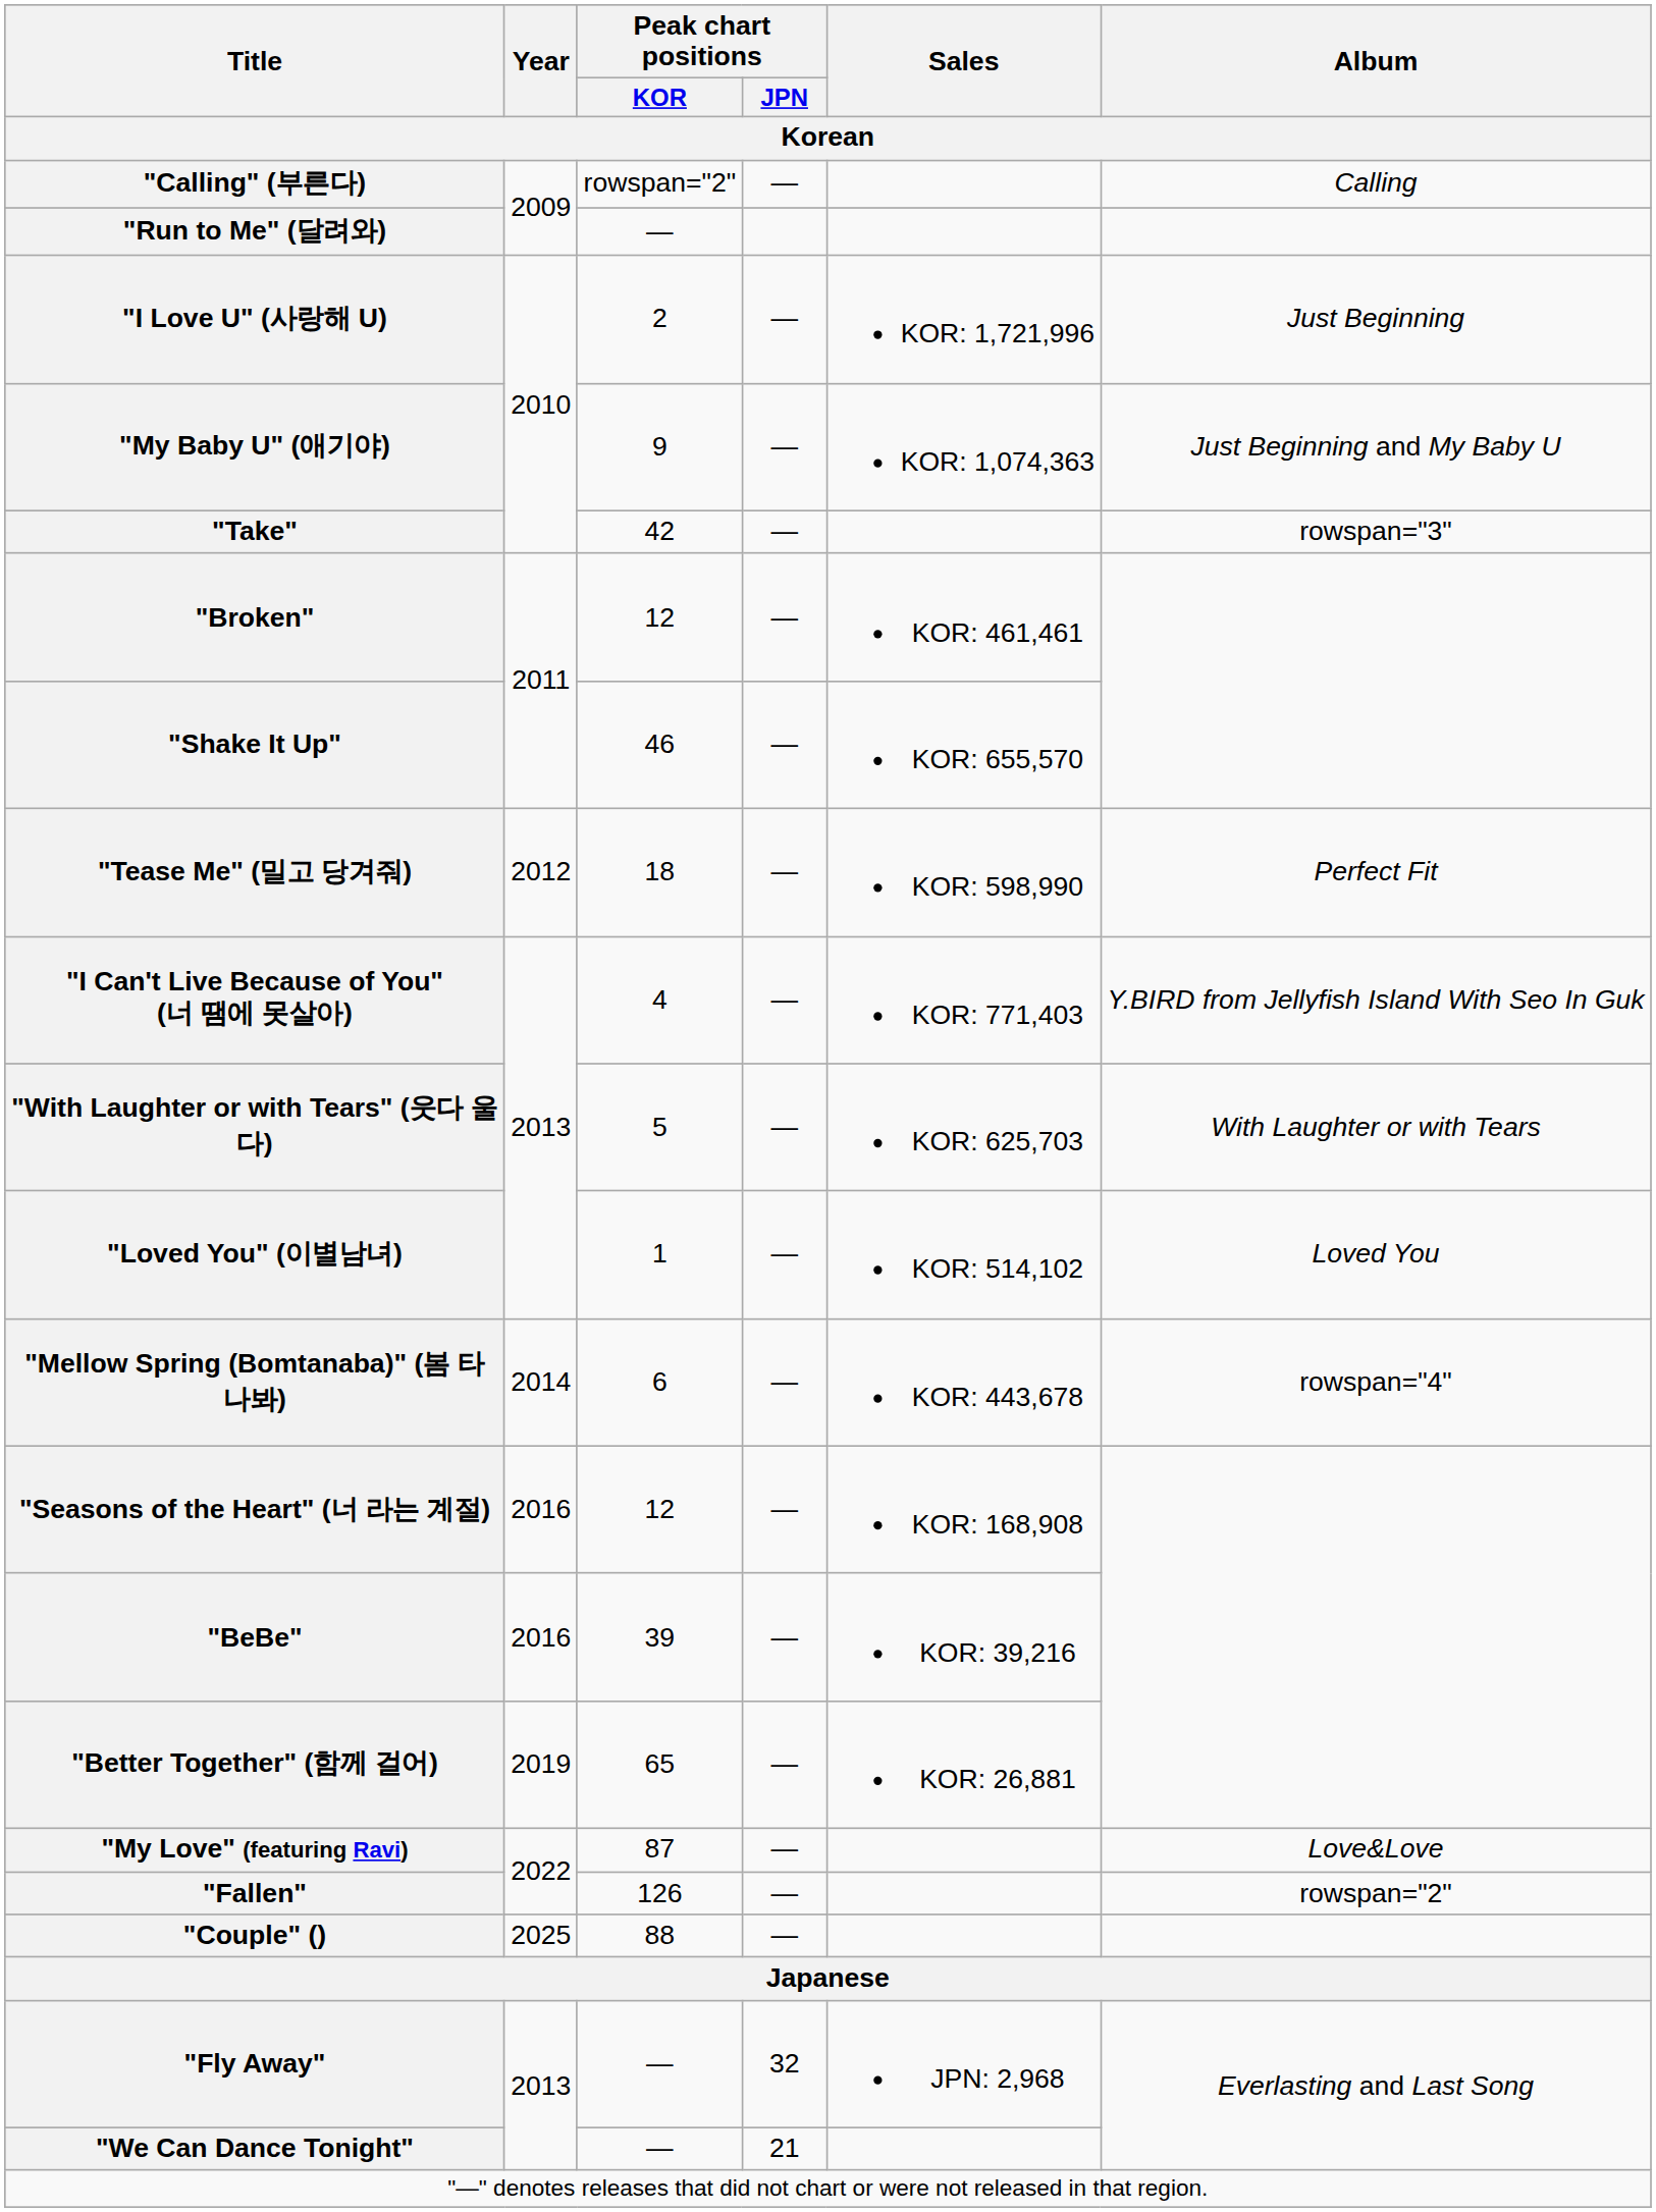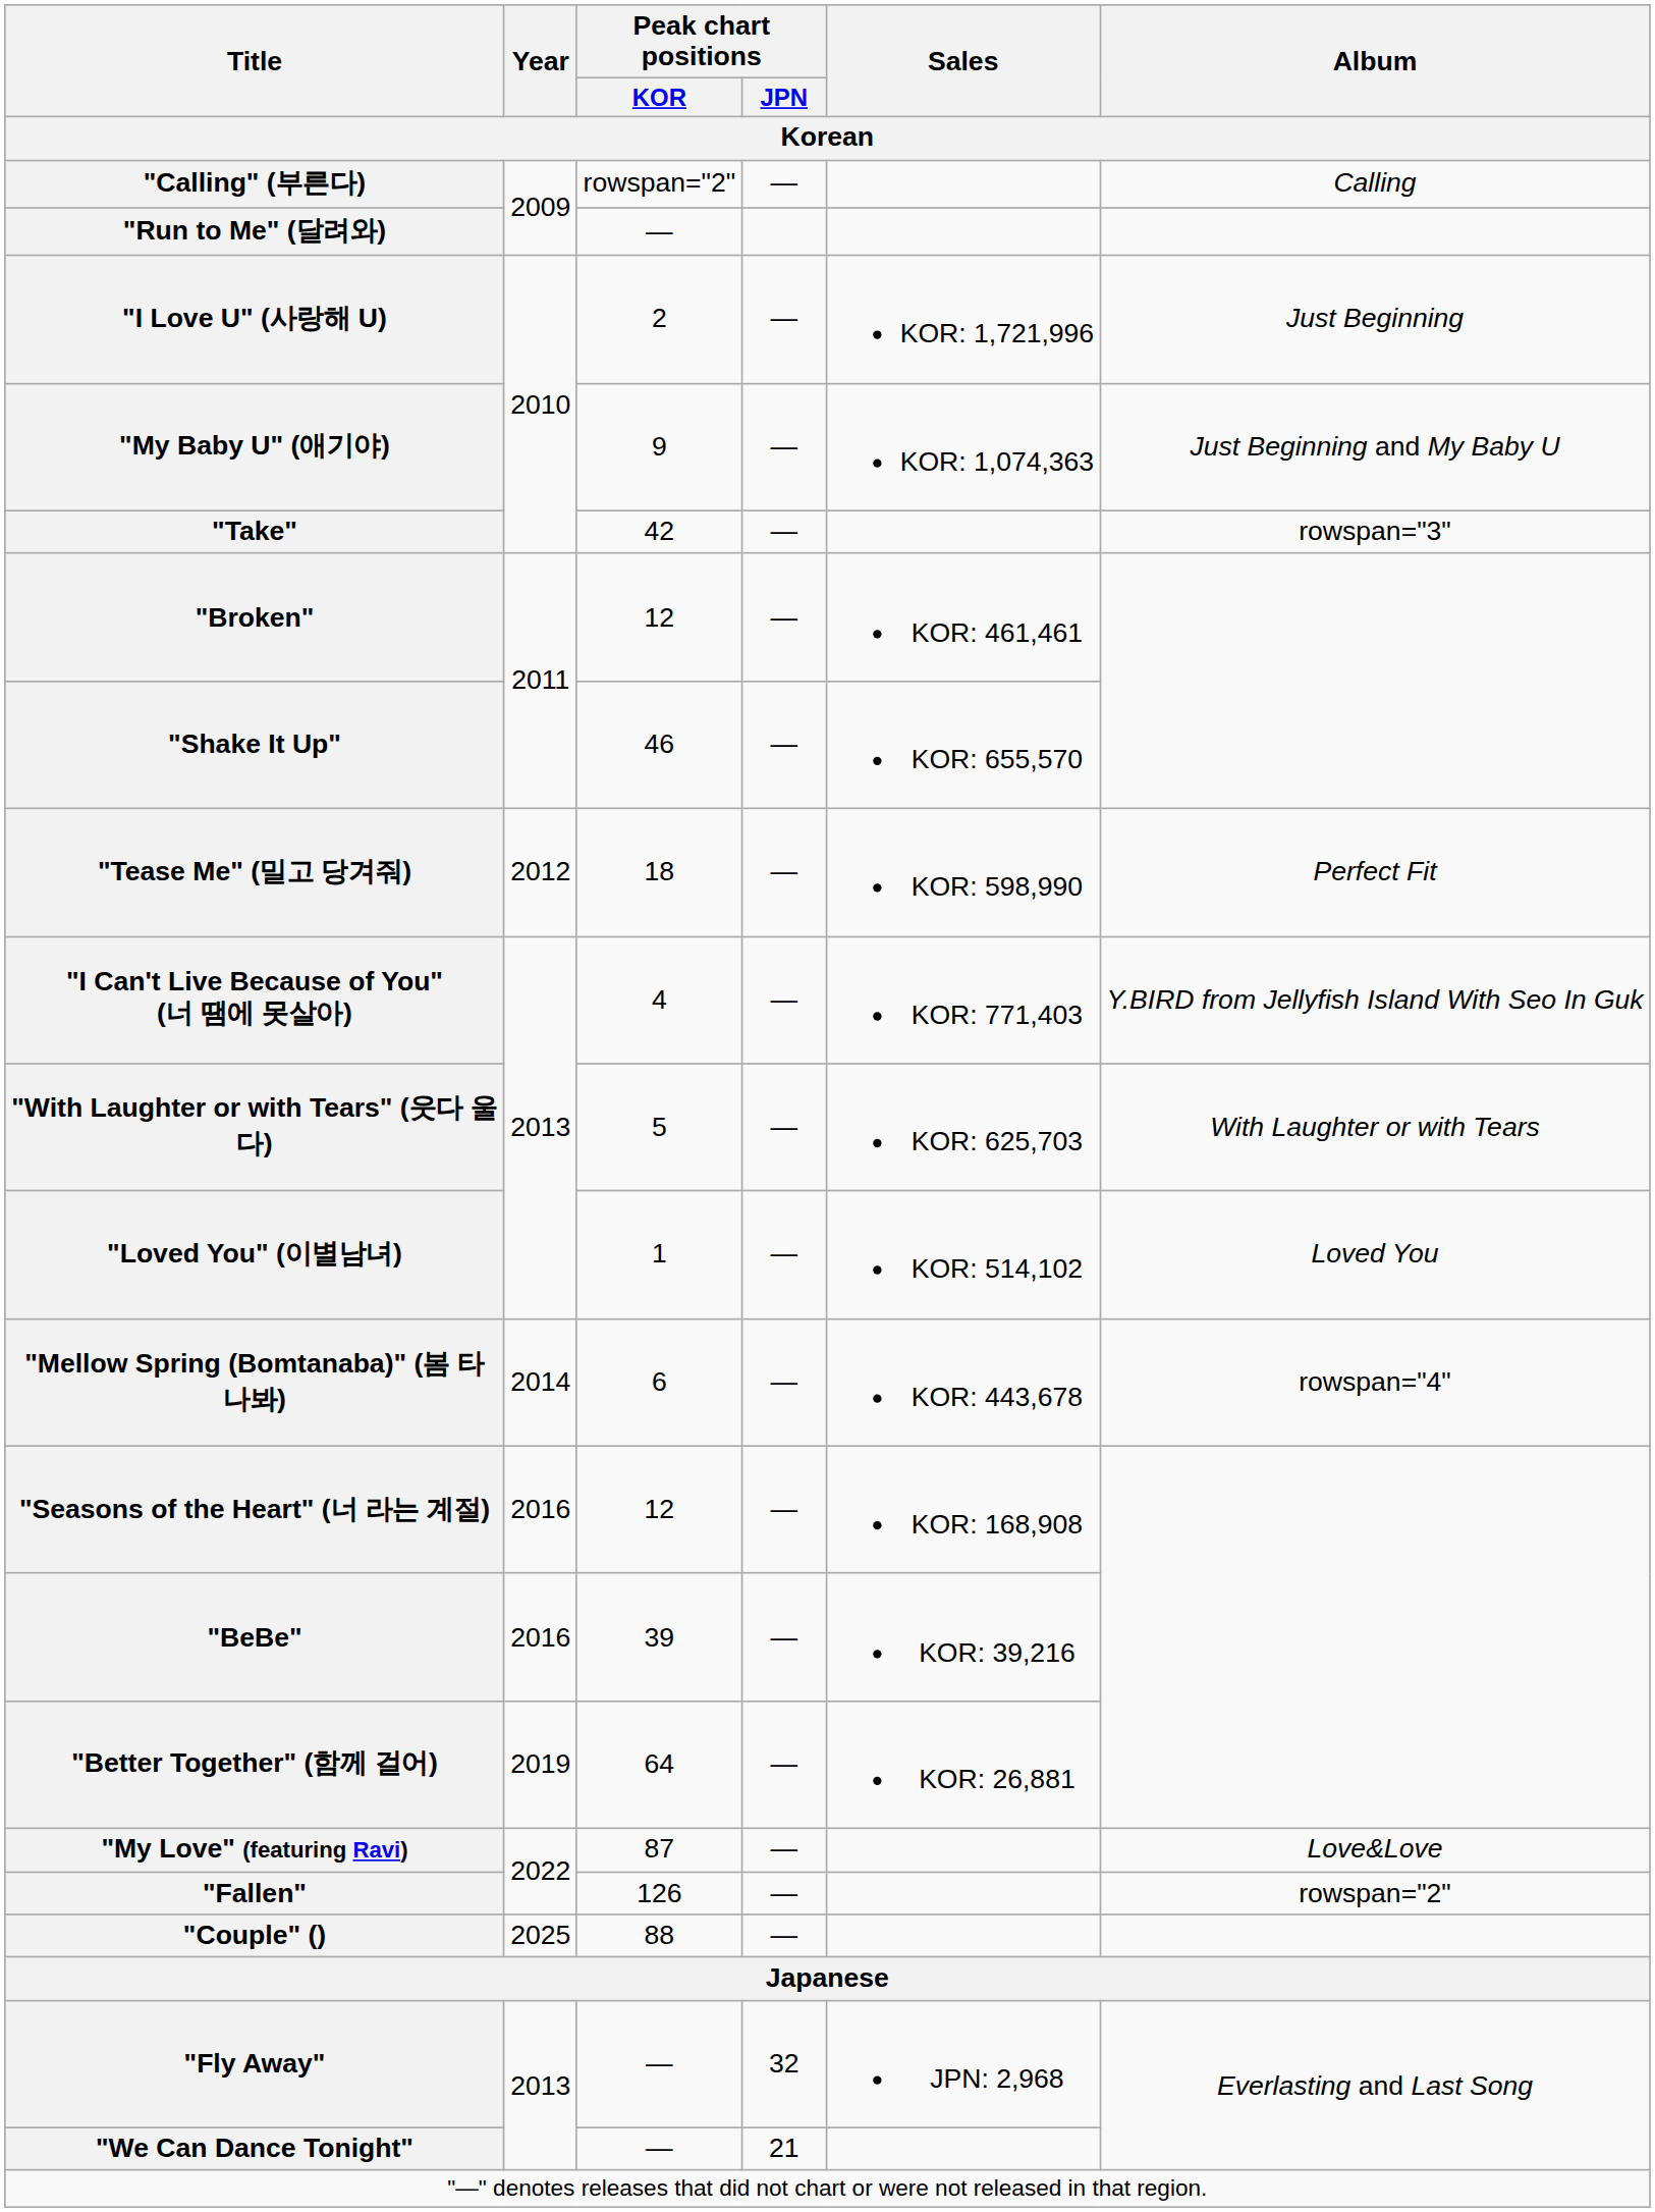 <table class="wikitable plainrowheaders" style="text-align:center">
 <tr>
 <th scope="col" rowspan="2" style="width:18em;">Title</th>
 <th scope="col" rowspan="2">Year</th>
 <th scope="col" colspan="2">Peak chart positions</th>
 <th scope="col" rowspan="2">Sales</th>
 <th scope="col" rowspan="2" style="width:20m;">Album</th>
 </tr>
 <tr>
 <th scope="col" style="width:3em;font-size:90%"><a href='#'>KOR</a><br></th>
 <th scope="col" style="width:3em;font-size:90%"><a href='#'>JPN</a><br></th>
 </tr>
 <tr>
 <th colspan="6">Korean</th>
 </tr>
 <tr>
 <th scope="row">"Calling" (부른다)</th>
 <td rowspan="2">2009</td>
 <td>rowspan="2" </td>
 <td>—</td>
 <td></td>
 <td><em>Calling</em></td>
 </tr>
 <tr>
 <th scope="row">"Run to Me" (달려와)</th>
 <td>—</td>
 <td></td>
 <td></td>
 </tr>
 <tr>
 <th scope="row">"I Love U" (사랑해 U)</th>
 <td rowspan="3">2010</td>
 <td>2</td>
 <td>—</td>
 <td><br><ul><li>KOR: 1,721,996</li></ul></td>
 <td><em>Just Beginning</em></td>
 </tr>
 <tr>
 <th scope="row">"My Baby U" (애기야)</th>
 <td>9</td>
 <td>—</td>
 <td><br><ul><li>KOR: 1,074,363</li></ul></td>
 <td><em>Just Beginning</em> and <em>My Baby U</em></td>
 </tr>
 <tr>
 <th scope="row">"Take"</th>
 <td>42</td>
 <td>—</td>
 <td></td>
 <td>rowspan="3" </td>
 </tr>
 <tr>
 <th scope="row">"Broken"</th>
 <td rowspan="2">2011</td>
 <td>12</td>
 <td>—</td>
 <td><br><ul><li>KOR: 461,461</li></ul></td>
 </tr>
 <tr>
 <th scope="row">"Shake It Up"</th>
 <td>46</td>
 <td>—</td>
 <td><br><ul><li>KOR: 655,570</li></ul></td>
 </tr>
 <tr>
 <th scope="row">"Tease Me" (밀고 당겨줘)</th>
 <td>2012</td>
 <td>18</td>
 <td>—</td>
 <td><br><ul><li>KOR: 598,990</li></ul></td>
 <td><em>Perfect Fit</em></td>
 </tr>
 <tr>
 <th scope="row">"I Can't Live Because of You"<br>(너 땜에 못살아) </th>
 <td rowspan="3">2013</td>
 <td>4</td>
 <td>—</td>
 <td><br><ul><li>KOR: 771,403</li></ul></td>
 <td><em>Y.BIRD from Jellyfish Island With Seo In Guk</em></td>
 </tr>
 <tr>
 <th scope="row">"With Laughter or with Tears" (웃다 울다)</th>
 <td>5</td>
 <td>—</td>
 <td><br><ul><li>KOR: 625,703</li></ul></td>
 <td><em>With Laughter or with Tears</em></td>
 </tr>
 <tr>
 <th scope="row">"Loved You" (이별남녀) </th>
 <td>1</td>
 <td>—</td>
 <td><br><ul><li>KOR: 514,102</li></ul></td>
 <td><em>Loved You</em></td>
 </tr>
 <tr>
 <th scope="row">"Mellow Spring (Bomtanaba)" (봄 타나봐)</th>
 <td>2014</td>
 <td>6</td>
 <td>—</td>
 <td><br><ul><li>KOR: 443,678</li></ul></td>
 <td>rowspan="4" </td>
 </tr>
 <tr>
 <th scope="row">"Seasons of the Heart" (너 라는 계절)</th>
 <td>2016</td>
 <td>12</td>
 <td>—</td>
 <td><br><ul><li>KOR: 168,908</li></ul></td>
 </tr>
 <tr>
 <th scope="row">"BeBe"</th>
 <td>2016</td>
 <td>39</td>
 <td>—</td>
 <td><br><ul><li>KOR: 39,216</li></ul></td>
 </tr>
 <tr>
 <th scope="row">"Better Together" (함께 걸어)</th>
 <td>2019</td>
-<td>65</td>
+<td>64</td>
 <td>—</td>
 <td><br><ul><li>KOR: 26,881</li></ul></td>
 </tr>
 <tr>
 <th scope="row">"My Love" <small>(featuring <a href='#'>Ravi</a>)</small></th>
 <td rowspan="2">2022</td>
 <td>87</td>
 <td>—</td>
 <td></td>
 <td><em>Love&Love</em></td>
 </tr>
 <tr>
 <th scope="row">"Fallen"</th>
 <td>126</td>
 <td>—</td>
 <td></td>
 <td>rowspan="2" </td>
 </tr>
 <tr>
 <th scope="row">"Couple" ()<br></th>
 <td>2025</td>
 <td>88</td>
 <td>—</td>
 <td></td>
 </tr>
 <tr>
 <th colspan="6">Japanese</th>
 </tr>
 <tr>
 <th scope="row">"Fly Away"</th>
 <td rowspan="2">2013</td>
 <td>—</td>
 <td>32</td>
 <td><br><ul><li>JPN: 2,968</li></ul></td>
 <td rowspan="2"><em>Everlasting</em> and <em>Last Song</em></td>
 </tr>
 <tr>
 <th scope="row">"We Can Dance Tonight"</th>
 <td>—</td>
 <td>21</td>
 <td></td>
 </tr>
 <tr>
 <td colspan="6" style="font-size:85%;">"—" denotes releases that did not chart or were not released in that region.</td>
 </tr>
 </table>
